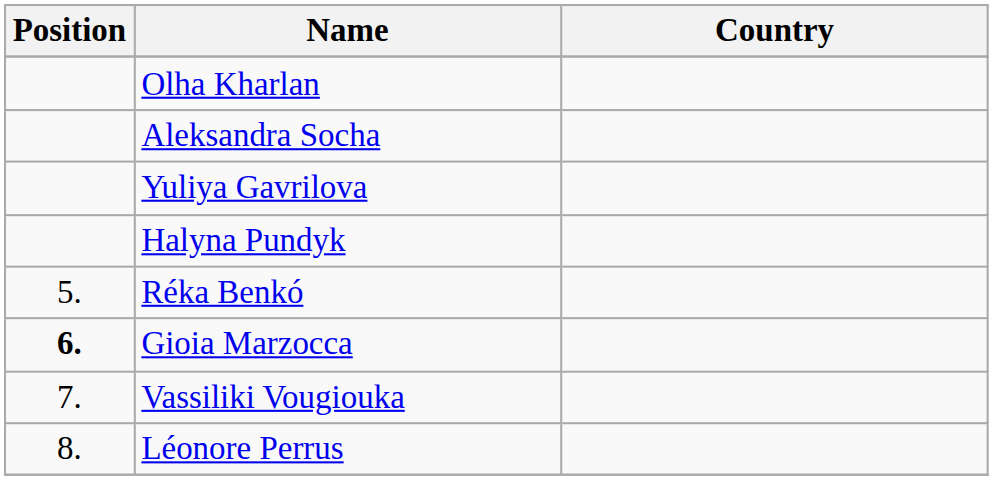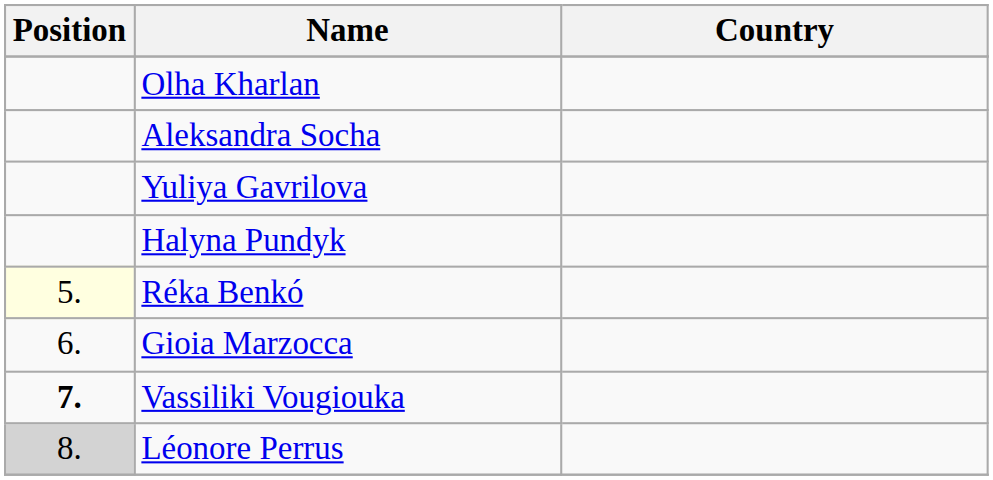 <table class="wikitable">
 <tr>
 <th width="20">Position</th>
 <th width="200">Name</th>
 <th width="200">Country</th>
 </tr>
 <tr>
 </tr>
 <tr>
 <td align="center"></td>
 <td><a href='#'>Olha Kharlan</a></td>
 <td></td>
 </tr>
 <tr>
 <td align="center"></td>
 <td><a href='#'>Aleksandra Socha</a></td>
 <td></td>
 </tr>
 <tr>
 <td align="center"></td>
 <td><a href='#'>Yuliya Gavrilova</a></td>
 <td></td>
 </tr>
 <tr>
 <td align="center"></td>
 <td><a href='#'>Halyna Pundyk</a></td>
 <td></td>
 </tr>
 <tr>
-<td align="center">5.</td>
+<td align="center" style="background: lightyellow;">5.</td>
 <td><a href='#'>Réka Benkó</a></td>
 <td></td>
 </tr>
 <tr>
-<td align="center"><strong>6.</strong></td>
+<td align="center">6.</td>
 <td><a href='#'>Gioia Marzocca</a></td>
 <td></td>
 </tr>
 <tr>
-<td align="center">7.</td>
+<td align="center"><strong>7.</strong></td>
 <td><a href='#'>Vassiliki Vougiouka</a></td>
 <td></td>
 </tr>
 <tr>
-<td align="center">8.</td>
+<td align="center" style="background: lightgrey;">8.</td>
 <td><a href='#'>Léonore Perrus</a></td>
 <td></td>
 </tr>
 <tr>
 </tr>
 </table>
